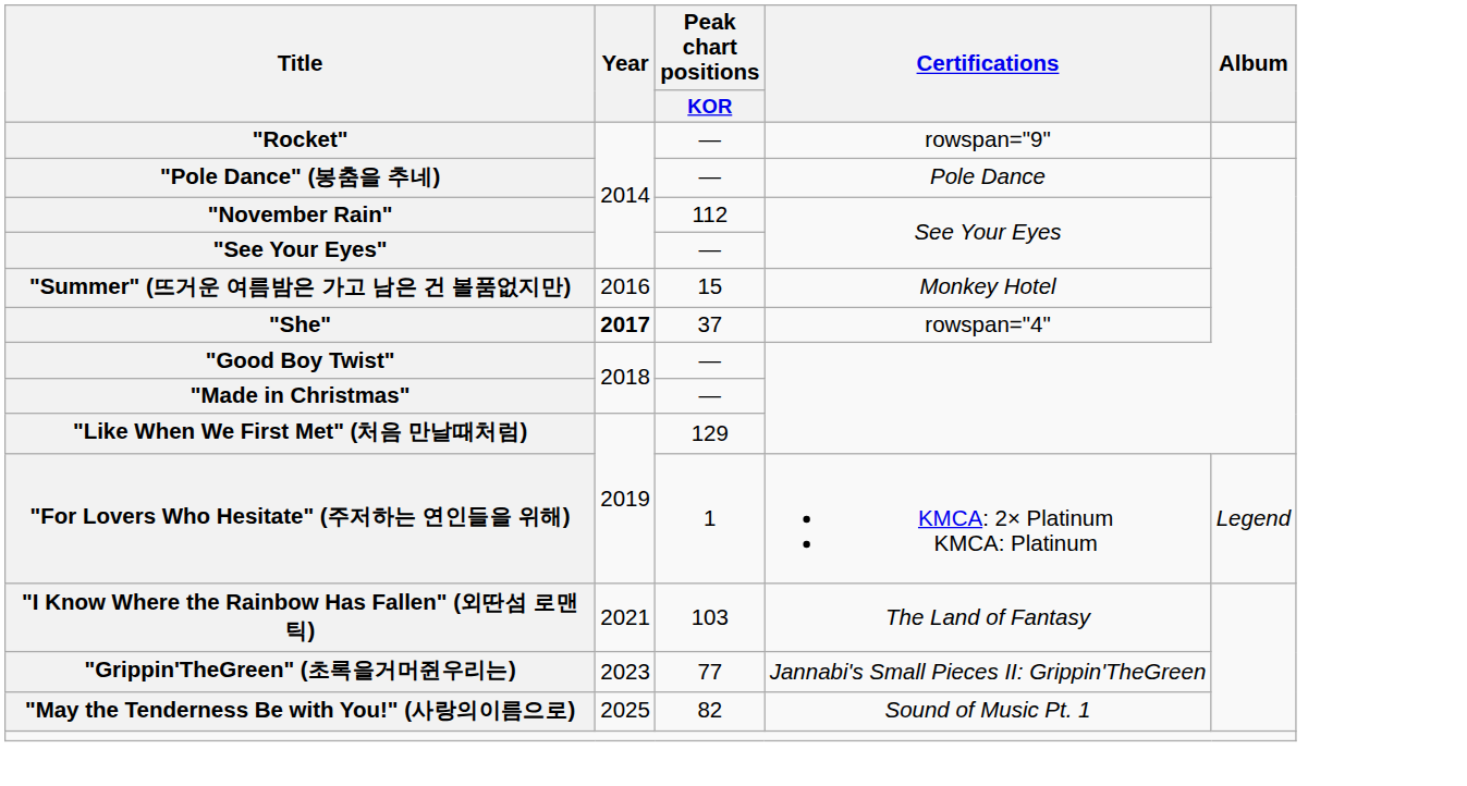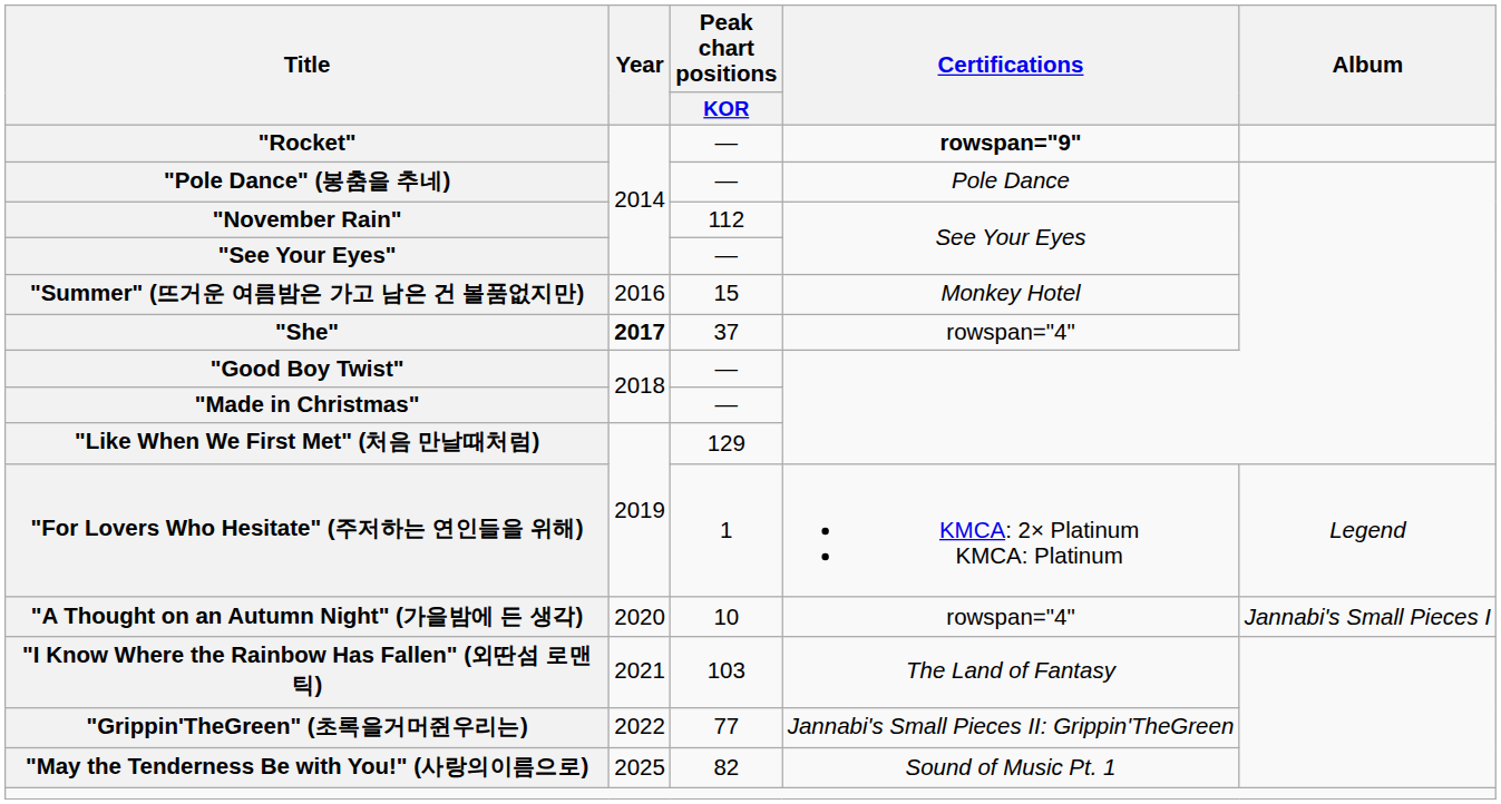 <table class="wikitable plainrowheaders" style="text-align:center;">
 <tr>
 <th scope="col" rowspan="2" style="width:26em;">Title</th>
 <th scope="col" rowspan="2">Year</th>
 <th scope="col" colspan="1">Peak chart positions</th>
 <th scope="col" rowspan="2"><a href='#'>Certifications</a></th>
 <th rowspan="2">Album</th>
 </tr>
 <tr>
 <th scope="col" style="width:2.5em;font-size:90%;"><a href='#'>KOR</a><br></th>
 </tr>
 <tr>
 <th scope="row">"Rocket"</th>
 <td rowspan="4">2014</td>
 <td>—</td>
-<td>rowspan="9" </td>
+<td><strong>rowspan="9" </strong></td>
 <td></td>
 </tr>
 <tr>
 <th scope="row">"Pole Dance" (봉춤을 추네)</th>
 <td>—</td>
 <td><em>Pole Dance</em></td>
 </tr>
 <tr>
 <th scope="row">"November Rain"</th>
 <td>112</td>
 <td rowspan="2"><em>See Your Eyes</em></td>
 </tr>
 <tr>
 <th scope="row">"See Your Eyes"</th>
 <td>—</td>
 </tr>
 <tr>
 <th scope="row">"Summer" (뜨거운 여름밤은 가고 남은 건 볼품없지만)</th>
 <td>2016</td>
 <td>15</td>
 <td><em>Monkey Hotel</em></td>
 </tr>
 <tr>
 <th scope="row">"She"</th>
 <td><strong>2017</strong></td>
 <td>37</td>
 <td>rowspan="4" </td>
 </tr>
 <tr>
 <th scope="row">"Good Boy Twist"</th>
 <td rowspan="2">2018</td>
 <td>—</td>
 </tr>
 <tr>
 <th scope="row">"Made in Christmas"<br></th>
 <td>—</td>
 </tr>
 <tr>
 <th scope="row">"Like When We First Met" (처음 만날때처럼)<br></th>
 <td rowspan="2">2019</td>
 <td>129</td>
 </tr>
 <tr>
 <th scope="row">"For Lovers Who Hesitate" (주저하는 연인들을 위해)</th>
 <td>1</td>
 <td><br><ul><li><a href='#'>KMCA</a>: 2× Platinum </li><li>KMCA: Platinum </li></ul></td>
 <td><em>Legend</em></td>
 </tr>
 <tr>
+<th scope="row">"A Thought on an Autumn Night" (가을밤에 든 생각)</th>
+<td>2020</td>
+<td>10</td>
+<td>rowspan="4" </td>
+<td><em>Jannabi's Small Pieces I</em></td>
+</tr>
+<tr>
 <th scope="row">"I Know Where the Rainbow Has Fallen" (외딴섬 로맨틱)</th>
 <td>2021</td>
 <td>103</td>
 <td><em>The Land of Fantasy</em></td>
 </tr>
 <tr>
 <th scope="row">"Grippin'TheGreen" (초록을거머쥔우리는)</th>
-<td>2023</td>
+<td>2022</td>
 <td>77</td>
 <td><em>Jannabi's Small Pieces II: Grippin'TheGreen</em></td>
 </tr>
 <tr>
 <th scope="row">"May the Tenderness Be with You!" (사랑의이름으로)<br></th>
 <td>2025</td>
 <td>82</td>
 <td><em>Sound of Music Pt. 1</em></td>
 </tr>
 <tr>
 <td colspan="5"></td>
 </tr>
 </table>
